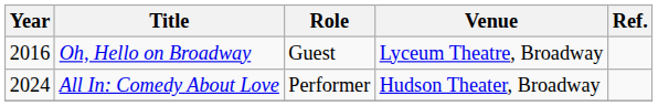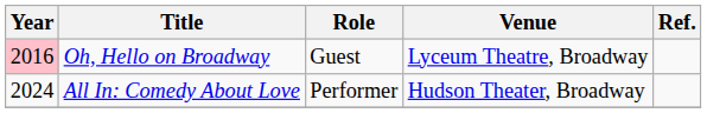 <table class=wikitable>
 <tr>
 <th>Year</th>
 <th>Title</th>
 <th>Role</th>
 <th>Venue</th>
 <th>Ref.</th>
 </tr>
 <tr>
-<td>2016</td>
+<td style="background: pink;">2016</td>
 <td><em><a href='#'>Oh, Hello on Broadway</a></em></td>
 <td>Guest</td>
 <td><a href='#'>Lyceum Theatre</a>, Broadway</td>
 <td></td>
 </tr>
 <tr>
 <td>2024</td>
 <td><em><a href='#'>All In: Comedy About Love</a></em></td>
 <td>Performer</td>
 <td><a href='#'>Hudson Theater</a>, Broadway</td>
 <td></td>
 </tr>
 <tr>
 </tr>
 </table>
